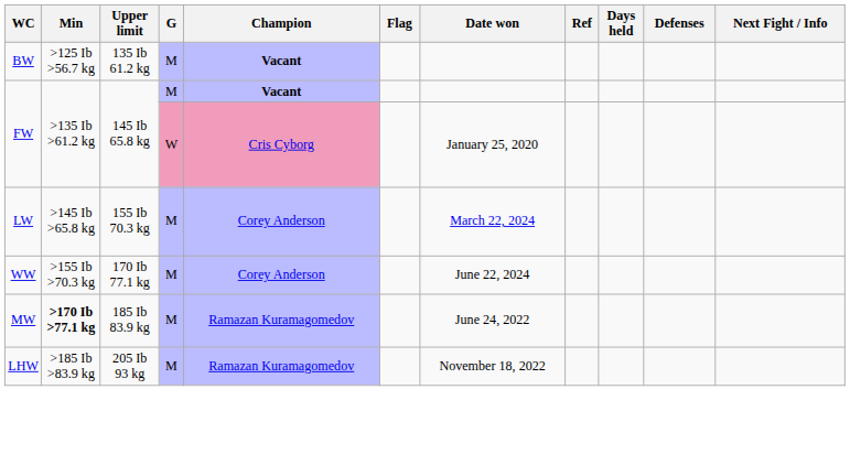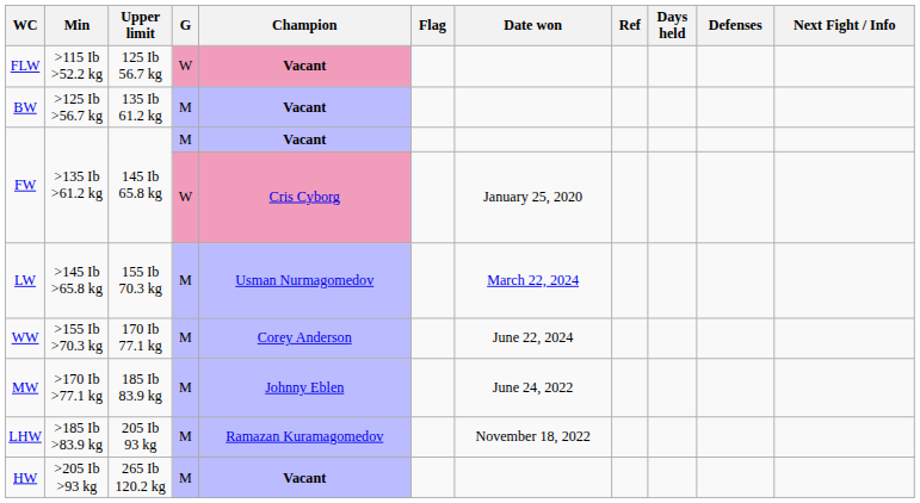 <table class="wikitable" style="font-size: 85%; width:97%">
 <tr>
 <th colspan="";! width=3%>WC</th>
 <th colspan=""! width=7%>Min</th>
 <th colspan=""! width=7%>Upper limit</th>
 <th rowspan=""!width=3%>G</th>
 <th rowspan=""!width=4%>Champion</th>
 <th rowspan=""!width=3%>Flag</th>
 <th rowspan=""!width=8%>Date won</th>
 <th rowspan=""!width=3%>Ref</th>
 <th rowspan=""!width=3%>Days<br>held</th>
 <th rowspan=""!width=45%>Defenses</th>
 <th rowspan=""!width=9%>Next Fight / Info</th>
+</tr>
+<tr style="text-align:center;">
+<td><a href='#'>FLW</a></td>
+<td>>115 Ib <br>>52.2 kg</td>
+<td>125 Ib <br> 56.7 kg</td>
+<td style="background:#F19CBB;">W</td>
+<td style="background:#F19CBB;"><strong>Vacant</strong></td>
+<td></td>
+<td></td>
+<td></td>
+<td></td>
+<td style="text-align:left;"></td>
+<td></td>
 </tr>
 <tr style="text-align:center;">
 <td><a href='#'>BW</a></td>
 <td>>125 Ib <br>>56.7 kg</td>
 <td>135 Ib <br> 61.2 kg</td>
 <td style="background:#BBF; ">M</td>
 <td style="background:#BBF;"><strong>Vacant</strong></td>
 <td></td>
 <td></td>
 <td></td>
 <td></td>
 <td style="text-align:left;"></td>
 <td></td>
 </tr>
 <tr style="text-align:center;">
 <td rowspan=2><a href='#'>FW</a></td>
 <td rowspan=2>>135 Ib <br> >61.2 kg</td>
 <td rowspan=2>145 Ib <br> 65.8 kg</td>
 <td style="background:#BBF;">M</td>
 <td style="background:#BBF;"><strong>Vacant</strong></td>
 <td></td>
 <td></td>
 <td></td>
 <td></td>
 <td style="text-align:left;"></td>
 <td></td>
 </tr>
 <tr style="text-align:center;">
 <td style="background:#F19CBB;">W</td>
 <td style="background:#F19CBB;"><a href='#'>Cris Cyborg</a></td>
 <td></td>
 <td>January 25, 2020</td>
 <td></td>
 <td></td>
 <td style="text-align:left;"><br> <br> <br> <br> <br></td>
 <td></td>
 </tr>
 <tr style="text-align:center;">
 <td><a href='#'>LW</a></td>
 <td>>145 Ib <br> >65.8 kg</td>
 <td>155 Ib <br> 70.3 kg</td>
 <td style="background:#BBF;">M</td>
-<td style="background:#BBF;"><a href='#'>Corey Anderson</a></td>
+<td style="background:#BBF;"><a href='#'>Usman Nurmagomedov</a></td>
 <td></td>
 <td><a href='#'>March 22, 2024</a></td>
 <td></td>
 <td></td>
 <td style="text-align:left;"><br><br><br> <br> </td>
 <td></td>
 </tr>
 <tr style="text-align:center;">
 <td><a href='#'>WW</a></td>
 <td>>155 Ib <br> >70.3 kg</td>
 <td>170 Ib <br> 77.1 kg</td>
 <td style="background:#BBF; ">M</td>
 <td style="background:#BBF;"><a href='#'>Corey Anderson</a></td>
 <td></td>
 <td>June 22, 2024</td>
 <td></td>
 <td></td>
 <td style="text-align:left;"></td>
 <td></td>
 </tr>
 <tr style="text-align:center;">
 <td><a href='#'>MW</a></td>
-<td><strong>>170 Ib <br> >77.1 kg</strong></td>
+<td>>170 Ib <br> >77.1 kg</td>
 <td>185 Ib <br> 83.9 kg</td>
 <td style="background:#BBF;">M</td>
-<td style="background:#BBF;"><a href='#'>Ramazan Kuramagomedov</a></td>
+<td style="background:#BBF;"><a href='#'>Johnny Eblen</a></td>
 <td></td>
 <td>June 24, 2022</td>
 <td></td>
 <td></td>
 <td style="text-align:left;"><br><br> <br> </td>
 <td></td>
 </tr>
 <tr style="text-align:center;">
 <td><a href='#'>LHW</a></td>
 <td>>185 Ib <br> >83.9 kg</td>
 <td>205 Ib <br> 93 kg</td>
 <td style="background:#BBF;">M</td>
 <td style="background:#BBF;"><a href='#'>Ramazan Kuramagomedov</a></td>
 <td></td>
 <td>November 18, 2022</td>
 <td></td>
 <td></td>
 <td style="text-align:left;"></td>
 <td></td>
 </tr>
+<tr style="text-align:center;">
+<td><a href='#'>HW</a></td>
+<td>>205 Ib <br> >93 kg</td>
+<td>265 Ib <br> 120.2 kg</td>
+<td style="background:#BBF; ">M</td>
+<td style="background:#BBF;"><strong>Vacant</strong></td>
+<td></td>
+<td></td>
+<td></td>
+<td></td>
+<td style="text-align:left;"></td>
+<td></td>
+</tr>
 </table>
